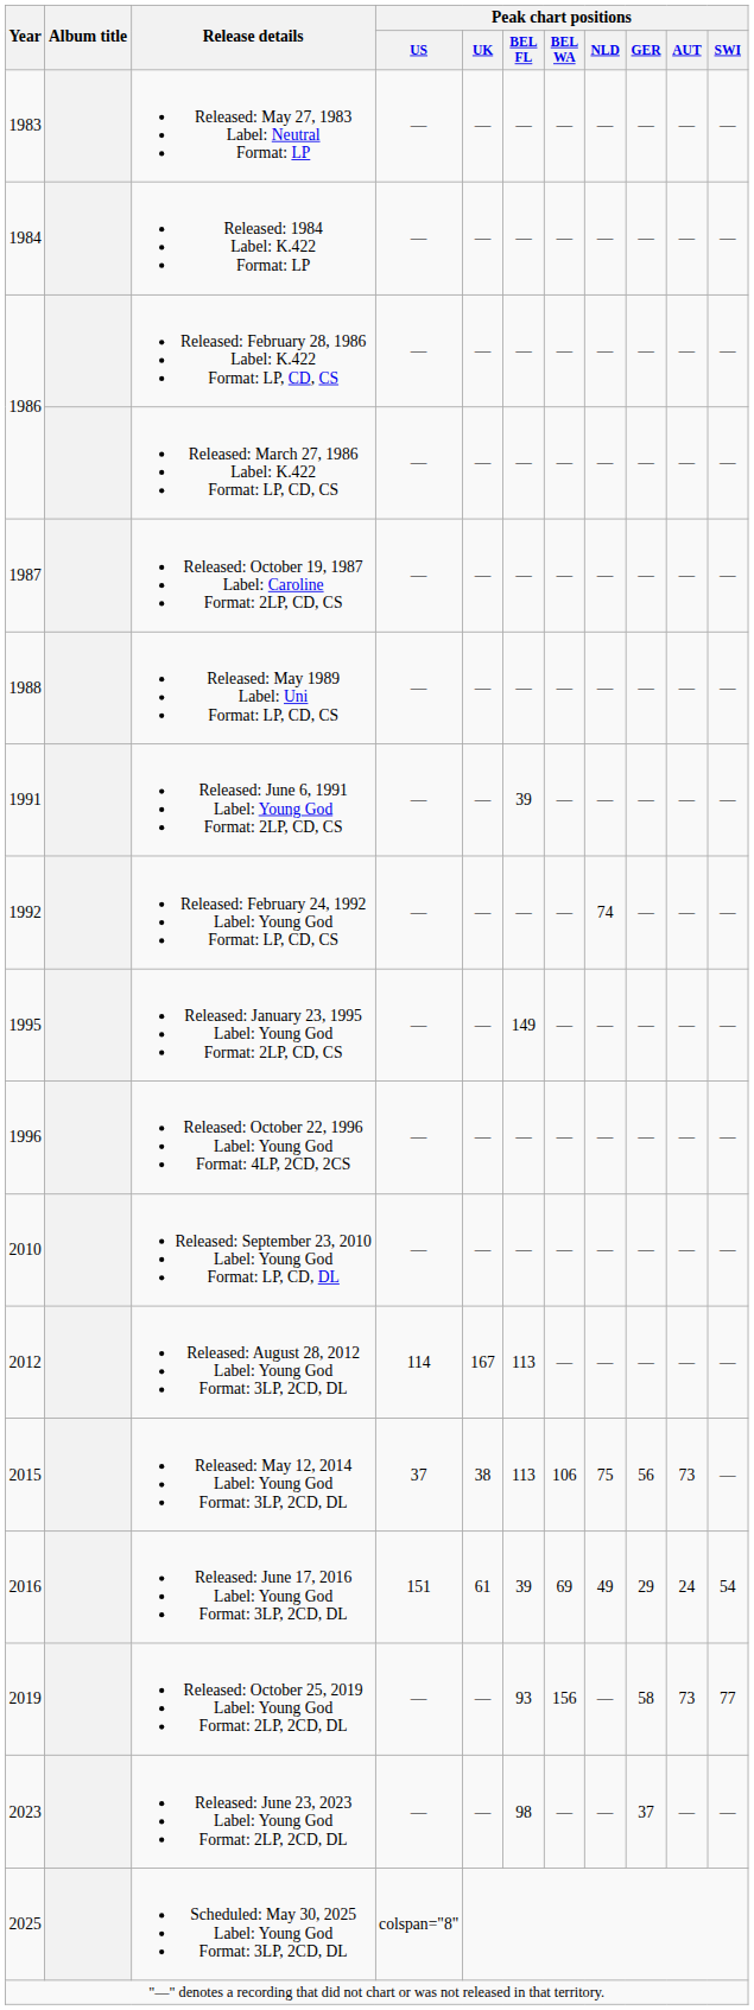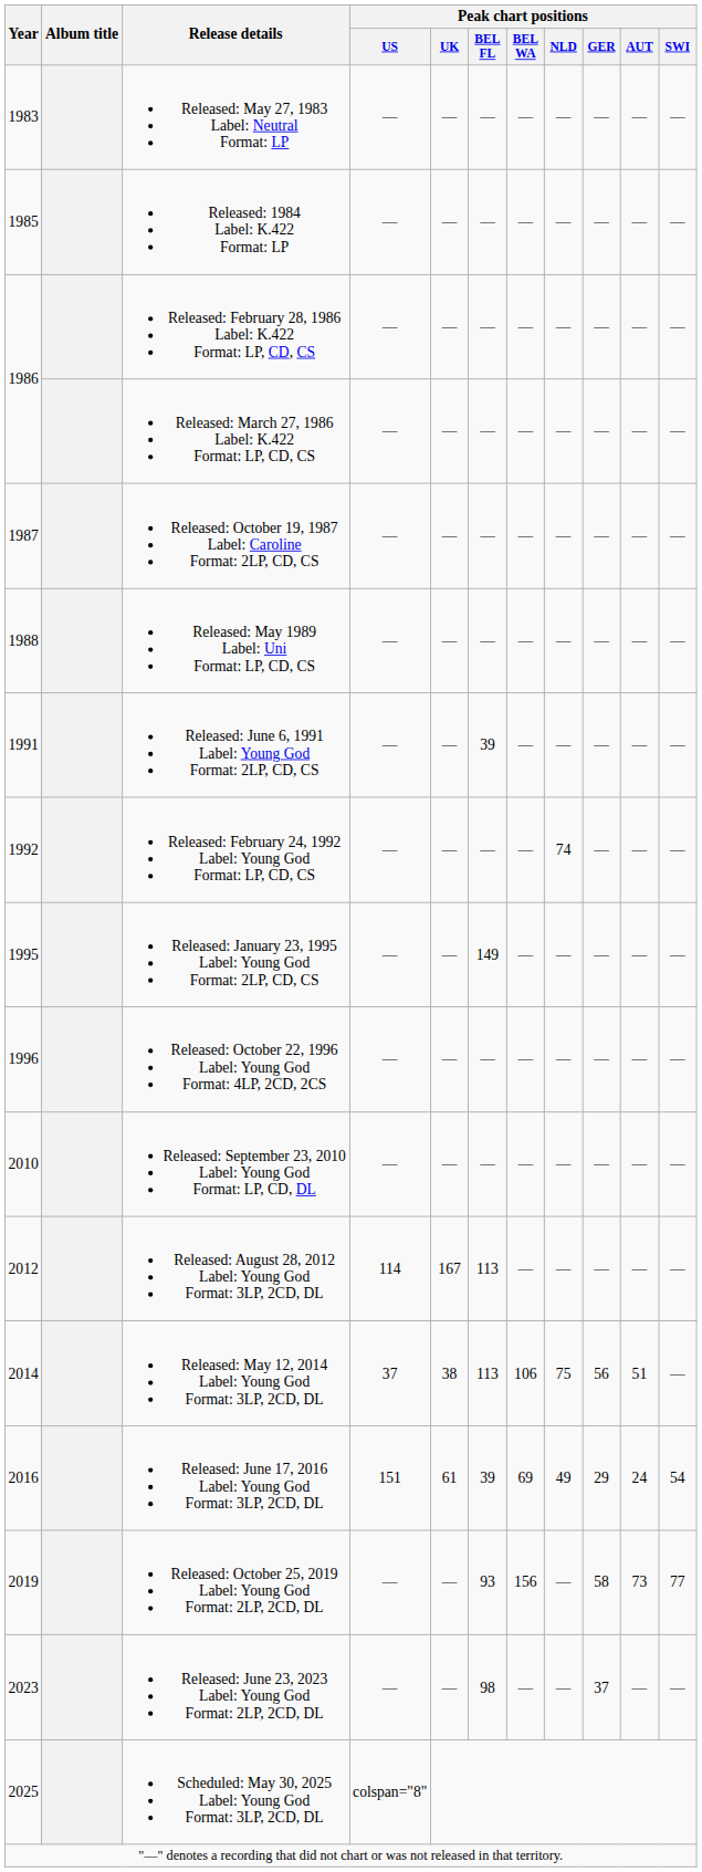 <table class="wikitable plainrowheaders" style="text-align:center;">
 <tr>
 <th scope="col" rowspan="2">Year</th>
 <th scope="col" rowspan="2">Album title</th>
 <th scope="col" rowspan="2">Release details</th>
 <th scope="col" colspan="8">Peak chart positions</th>
 </tr>
 <tr>
 <th scope="col" style="width:2.5em;font-size:85%;"><a href='#'>US</a><br></th>
 <th scope="col" style="width:2.5em;font-size:85%;"><a href='#'>UK</a><br></th>
 <th scope="col" style="width:2.5em;font-size:85%;"><a href='#'>BEL FL</a><br></th>
 <th scope="col" style="width:2.5em;font-size:85%;"><a href='#'>BEL WA</a><br></th>
 <th scope="col" style="width:2.5em;font-size:85%;"><a href='#'>NLD</a><br></th>
 <th scope="col" style="width:2.5em;font-size:85%;"><a href='#'>GER</a><br></th>
 <th scope="col" style="width:2.5em;font-size:85%;"><a href='#'>AUT</a><br></th>
 <th scope="col" style="width:2.5em;font-size:85%;"><a href='#'>SWI</a><br></th>
 </tr>
 <tr>
 <td>1983</td>
 <th></th>
 <td><br><ul><li>Released: May 27, 1983</li><li>Label: <a href='#'>Neutral</a></li><li>Format: <a href='#'>LP</a></li></ul></td>
 <td>—</td>
 <td>—</td>
 <td>—</td>
 <td>—</td>
 <td>—</td>
 <td>—</td>
 <td>—</td>
 <td>—</td>
 </tr>
 <tr>
-<td>1984</td>
+<td>1985</td>
 <th></th>
 <td><br><ul><li>Released: 1984</li><li>Label: K.422</li><li>Format: LP</li></ul></td>
 <td>—</td>
 <td>—</td>
 <td>—</td>
 <td>—</td>
 <td>—</td>
 <td>—</td>
 <td>—</td>
 <td>—</td>
 </tr>
 <tr>
 <td rowspan="2">1986</td>
 <th></th>
 <td><br><ul><li>Released: February 28, 1986</li><li>Label: K.422</li><li>Format: LP, <a href='#'>CD</a>, <a href='#'>CS</a></li></ul></td>
 <td>—</td>
 <td>—</td>
 <td>—</td>
 <td>—</td>
 <td>—</td>
 <td>—</td>
 <td>—</td>
 <td>—</td>
 </tr>
 <tr>
 <th></th>
 <td><br><ul><li>Released: March 27, 1986</li><li>Label: K.422</li><li>Format: LP, CD, CS</li></ul></td>
 <td>—</td>
 <td>—</td>
 <td>—</td>
 <td>—</td>
 <td>—</td>
 <td>—</td>
 <td>—</td>
 <td>—</td>
 </tr>
 <tr>
 <td>1987</td>
 <th></th>
 <td><br><ul><li>Released: October 19, 1987</li><li>Label: <a href='#'>Caroline</a></li><li>Format: 2LP, CD, CS</li></ul></td>
 <td>—</td>
 <td>—</td>
 <td>—</td>
 <td>—</td>
 <td>—</td>
 <td>—</td>
 <td>—</td>
 <td>—</td>
 </tr>
 <tr>
 <td>1988</td>
 <th></th>
 <td><br><ul><li>Released: May 1989</li><li>Label: <a href='#'>Uni</a></li><li>Format: LP, CD, CS</li></ul></td>
 <td>—</td>
 <td>—</td>
 <td>—</td>
 <td>—</td>
 <td>—</td>
 <td>—</td>
 <td>—</td>
 <td>—</td>
 </tr>
 <tr>
 <td>1991</td>
 <th></th>
 <td><br><ul><li>Released: June 6, 1991</li><li>Label: <a href='#'>Young God</a></li><li>Format: 2LP, CD, CS</li></ul></td>
 <td>—</td>
 <td>—</td>
 <td>39</td>
 <td>—</td>
 <td>—</td>
 <td>—</td>
 <td>—</td>
 <td>—</td>
 </tr>
 <tr>
 <td>1992</td>
 <th></th>
 <td><br><ul><li>Released: February 24, 1992</li><li>Label: Young God</li><li>Format: LP, CD, CS</li></ul></td>
 <td>—</td>
 <td>—</td>
 <td>—</td>
 <td>—</td>
 <td>74</td>
 <td>—</td>
 <td>—</td>
 <td>—</td>
 </tr>
 <tr>
 <td>1995</td>
 <th></th>
 <td><br><ul><li>Released: January 23, 1995</li><li>Label: Young God</li><li>Format: 2LP, CD, CS</li></ul></td>
 <td>—</td>
 <td>—</td>
 <td>149</td>
 <td>—</td>
 <td>—</td>
 <td>—</td>
 <td>—</td>
 <td>—</td>
 </tr>
 <tr>
 <td>1996</td>
 <th></th>
 <td><br><ul><li>Released: October 22, 1996</li><li>Label: Young God</li><li>Format: 4LP, 2CD, 2CS</li></ul></td>
 <td>—</td>
 <td>—</td>
 <td>—</td>
 <td>—</td>
 <td>—</td>
 <td>—</td>
 <td>—</td>
 <td>—</td>
 </tr>
 <tr>
 <td>2010</td>
 <th></th>
 <td><br><ul><li>Released: September 23, 2010</li><li>Label: Young God</li><li>Format: LP, CD, <a href='#'>DL</a></li></ul></td>
 <td>—</td>
 <td>—</td>
 <td>—</td>
 <td>—</td>
 <td>—</td>
 <td>—</td>
 <td>—</td>
 <td>—</td>
 </tr>
 <tr>
 <td>2012</td>
 <th></th>
 <td><br><ul><li>Released: August 28, 2012</li><li>Label: Young God</li><li>Format: 3LP, 2CD, DL</li></ul></td>
 <td>114</td>
 <td>167</td>
 <td>113</td>
 <td>—</td>
 <td>—</td>
 <td>—</td>
 <td>—</td>
 <td>—</td>
 </tr>
 <tr>
-<td>2015</td>
+<td>2014</td>
 <th></th>
 <td><br><ul><li>Released: May 12, 2014</li><li>Label: Young God</li><li>Format: 3LP, 2CD, DL</li></ul></td>
 <td>37</td>
 <td>38</td>
 <td>113</td>
 <td>106</td>
 <td>75</td>
 <td>56</td>
-<td>73</td>
+<td>51</td>
 <td>—</td>
 </tr>
 <tr>
 <td>2016</td>
 <th></th>
 <td><br><ul><li>Released: June 17, 2016</li><li>Label: Young God</li><li>Format: 3LP, 2CD, DL</li></ul></td>
 <td>151</td>
 <td>61</td>
 <td>39</td>
 <td>69</td>
 <td>49</td>
 <td>29</td>
 <td>24</td>
 <td>54</td>
 </tr>
 <tr>
 <td>2019</td>
 <th></th>
 <td><br><ul><li>Released: October 25, 2019</li><li>Label: Young God</li><li>Format: 2LP, 2CD, DL</li></ul></td>
 <td>—</td>
 <td>—</td>
 <td>93</td>
 <td>156</td>
 <td>—</td>
 <td>58</td>
 <td>73</td>
 <td>77</td>
 </tr>
 <tr>
 <td>2023</td>
 <th></th>
 <td><br><ul><li>Released: June 23, 2023</li><li>Label: Young God</li><li>Format: 2LP, 2CD, DL</li></ul></td>
 <td>—</td>
 <td>—</td>
 <td>98</td>
 <td>—</td>
 <td>—</td>
 <td>37</td>
 <td>—</td>
 <td>—</td>
 </tr>
 <tr>
 <td>2025</td>
 <th></th>
 <td><br><ul><li>Scheduled: May 30, 2025</li><li>Label: Young God</li><li>Format: 3LP, 2CD, DL</li></ul></td>
 <td>colspan="8" </td>
 </tr>
 <tr>
 <td colspan="14" style="font-size:90%">"—" denotes a recording that did not chart or was not released in that territory.</td>
 </tr>
 </table>
